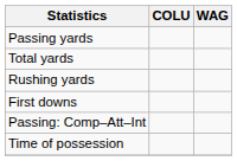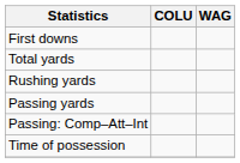 <table class="wikitable" style="float: left;">
 <tr>
 <th>Statistics</th>
 <th>COLU</th>
 <th>WAG</th>
 </tr>
 <tr>
-<td>Passing yards</td>
+<td>First downs</td>
 <td></td>
 <td></td>
 </tr>
 <tr>
 <td>Total yards</td>
 <td></td>
 <td></td>
 </tr>
 <tr>
 <td>Rushing yards</td>
 <td></td>
 <td></td>
 </tr>
 <tr>
-<td>First downs</td>
+<td>Passing yards</td>
 <td></td>
 <td></td>
 </tr>
 <tr>
 <td>Passing: Comp–Att–Int</td>
 <td></td>
 <td></td>
 </tr>
 <tr>
 <td>Time of possession</td>
 <td></td>
 <td></td>
 </tr>
 <tr>
 </tr>
 </table>
